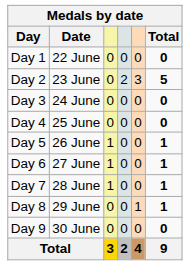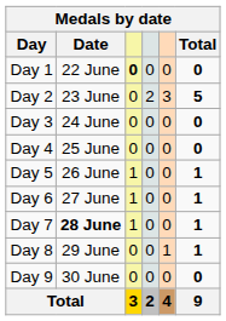 <table class=wikitable style="text-align:center;font-size:85%;float:right;clear:right;">
 <tr bgcolor=efefef>
 <th colspan=6><strong>Medals by date</strong></th>
 </tr>
 <tr>
 <th>Day</th>
 <th>Date</th>
 <td bgcolor=#f7f6a8></td>
 <td bgcolor=#dce5e5></td>
 <td bgcolor=#ffdab9></td>
 <th>Total</th>
 </tr>
 <tr>
 <td>Day 1</td>
 <td>22 June</td>
-<td bgcolor=F7F6A8>0</td>
+<td bgcolor=F7F6A8><strong>0</strong></td>
 <td bgcolor=DCE5E5>0</td>
 <td bgcolor=FFDAB9>0</td>
 <td><strong>0</strong></td>
 </tr>
 <tr>
 <td>Day 2</td>
 <td>23 June</td>
 <td bgcolor=F7F6A8>0</td>
 <td bgcolor=DCE5E5>2</td>
 <td bgcolor=FFDAB9>3</td>
 <td><strong>5</strong></td>
 </tr>
 <tr>
 <td>Day 3</td>
 <td>24 June</td>
 <td bgcolor=F7F6A8>0</td>
 <td bgcolor=DCE5E5>0</td>
 <td bgcolor=FFDAB9>0</td>
 <td><strong>0</strong></td>
 </tr>
 <tr>
 <td>Day 4</td>
 <td>25 June</td>
 <td bgcolor=F7F6A8>0</td>
 <td bgcolor=DCE5E5>0</td>
 <td bgcolor=FFDAB9>0</td>
 <td><strong>0</strong></td>
 </tr>
 <tr>
 <td>Day 5</td>
 <td>26 June</td>
 <td bgcolor=F7F6A8>1</td>
 <td bgcolor=DCE5E5>0</td>
 <td bgcolor=FFDAB9>0</td>
 <td><strong>1</strong></td>
 </tr>
 <tr>
 <td>Day 6</td>
 <td>27 June</td>
 <td bgcolor=F7F6A8>1</td>
 <td bgcolor=DCE5E5>0</td>
 <td bgcolor=FFDAB9>0</td>
 <td><strong>1</strong></td>
 </tr>
 <tr>
 <td>Day 7</td>
-<td>28 June</td>
+<td><strong>28 June</strong></td>
 <td bgcolor=F7F6A8>1</td>
 <td bgcolor=DCE5E5>0</td>
 <td bgcolor=FFDAB9>0</td>
 <td><strong>1</strong></td>
 </tr>
 <tr>
 <td>Day 8</td>
 <td>29 June</td>
 <td bgcolor=F7F6A8>0</td>
 <td bgcolor=DCE5E5>0</td>
 <td bgcolor=FFDAB9>1</td>
 <td><strong>1</strong></td>
 </tr>
 <tr>
 <td>Day 9</td>
 <td>30 June</td>
 <td bgcolor=F7F6A8>0</td>
 <td bgcolor=DCE5E5>0</td>
 <td bgcolor=FFDAB9>0</td>
 <td><strong>0</strong></td>
 </tr>
 <tr>
 <th colspan=2>Total</th>
 <th style="background:gold">3</th>
 <th style="background:silver">2</th>
 <th style="background:#c96">4</th>
 <th><strong>9</strong></th>
 </tr>
 </table>
